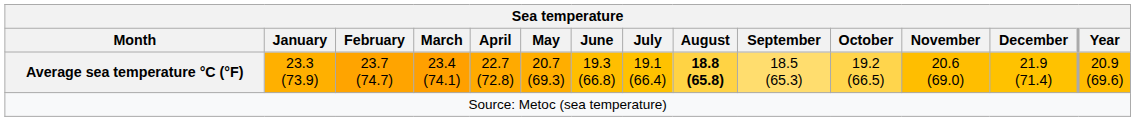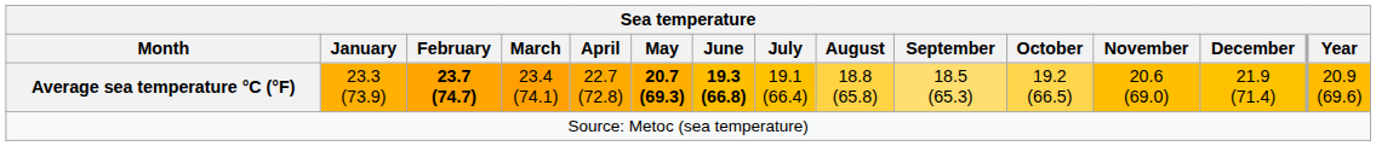 <table style="width:90%;text-align:center;font-size:90%;line-height:1.2em;margin-left:auto;margin-right:auto" class="wikitable">
 <tr>
 <th Colspan=14>Sea temperature</th>
 </tr>
 <tr>
 <th>Month</th>
 <th>January</th>
 <th>February</th>
 <th>March</th>
 <th>April</th>
 <th>May</th>
 <th>June</th>
 <th>July</th>
 <th>August</th>
 <th>September</th>
 <th>October</th>
 <th>November</th>
 <th>December</th>
 <th style="border-left-width:medium">Year</th>
 </tr>
 <tr>
 <th>Average sea temperature °C (°F)</th>
 <td style="background:#FFB000;color:#000000;">23.3<br>(73.9)</td>
-<td style="background:#FFA400;color:#000000;">23.7<br>(74.7)</td>
+<td style="background:#FFA400;color:#000000;"><strong>23.7<br>(74.7)</strong></td>
 <td style="background:#FFA000;color:#000000;">23.4<br>(74.1)</td>
 <td style="background:#FFAA00;color:#000000;">22.7<br>(72.8)</td>
-<td style="background:#FFAE00;color:#000000;">20.7<br>(69.3)</td>
-<td style="background:#FFBE00;color:#000000;">19.3<br>(66.8)</td>
+<td style="background:#FFAE00;color:#000000;"><strong>20.7<br>(69.3)</strong></td>
+<td style="background:#FFBE00;color:#000000;"><strong>19.3<br>(66.8)</strong></td>
 <td style="background:#FFC200;color:#000000;">19.1<br>(66.4)</td>
-<td style="background:#FFD344;color:#000000;"><strong>18.8<br>(65.8)</strong></td>
+<td style="background:#FFD344;color:#000000;">18.8<br>(65.8)</td>
 <td style="background:#FFDD6E;color:#000000;">18.5<br>(65.3)</td>
 <td style="background:#FFD54C;color:#000000;">19.2<br>(66.5)</td>
 <td style="background:#FFBE00;color:#000000;">20.6<br>(69.0)</td>
 <td style="background:#FFC200;color:#000000;">21.9<br>(71.4)</td>
 <td style="background:#FFBC00;color:#000000;border-left-width:medium">20.9<br>(69.6)</td>
 </tr>
 <tr>
 <th Colspan=14 style="background:#f8f9fa;font-weight:normal;font-size:95%;">Source: Metoc (sea temperature) </th>
 </tr>
 </table>
